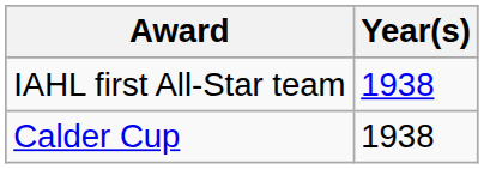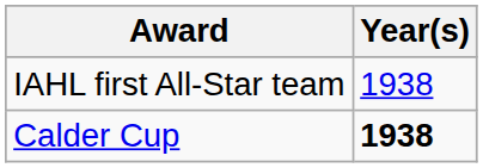 <table class="wikitable">
 <tr>
 <th>Award</th>
 <th>Year(s)</th>
 </tr>
 <tr>
 <td>IAHL first All-Star team</td>
 <td><a href='#'>1938</a></td>
 </tr>
 <tr>
 <td><a href='#'>Calder Cup</a></td>
-<td>1938</td>
+<td><strong>1938</strong></td>
 </tr>
 </table>
